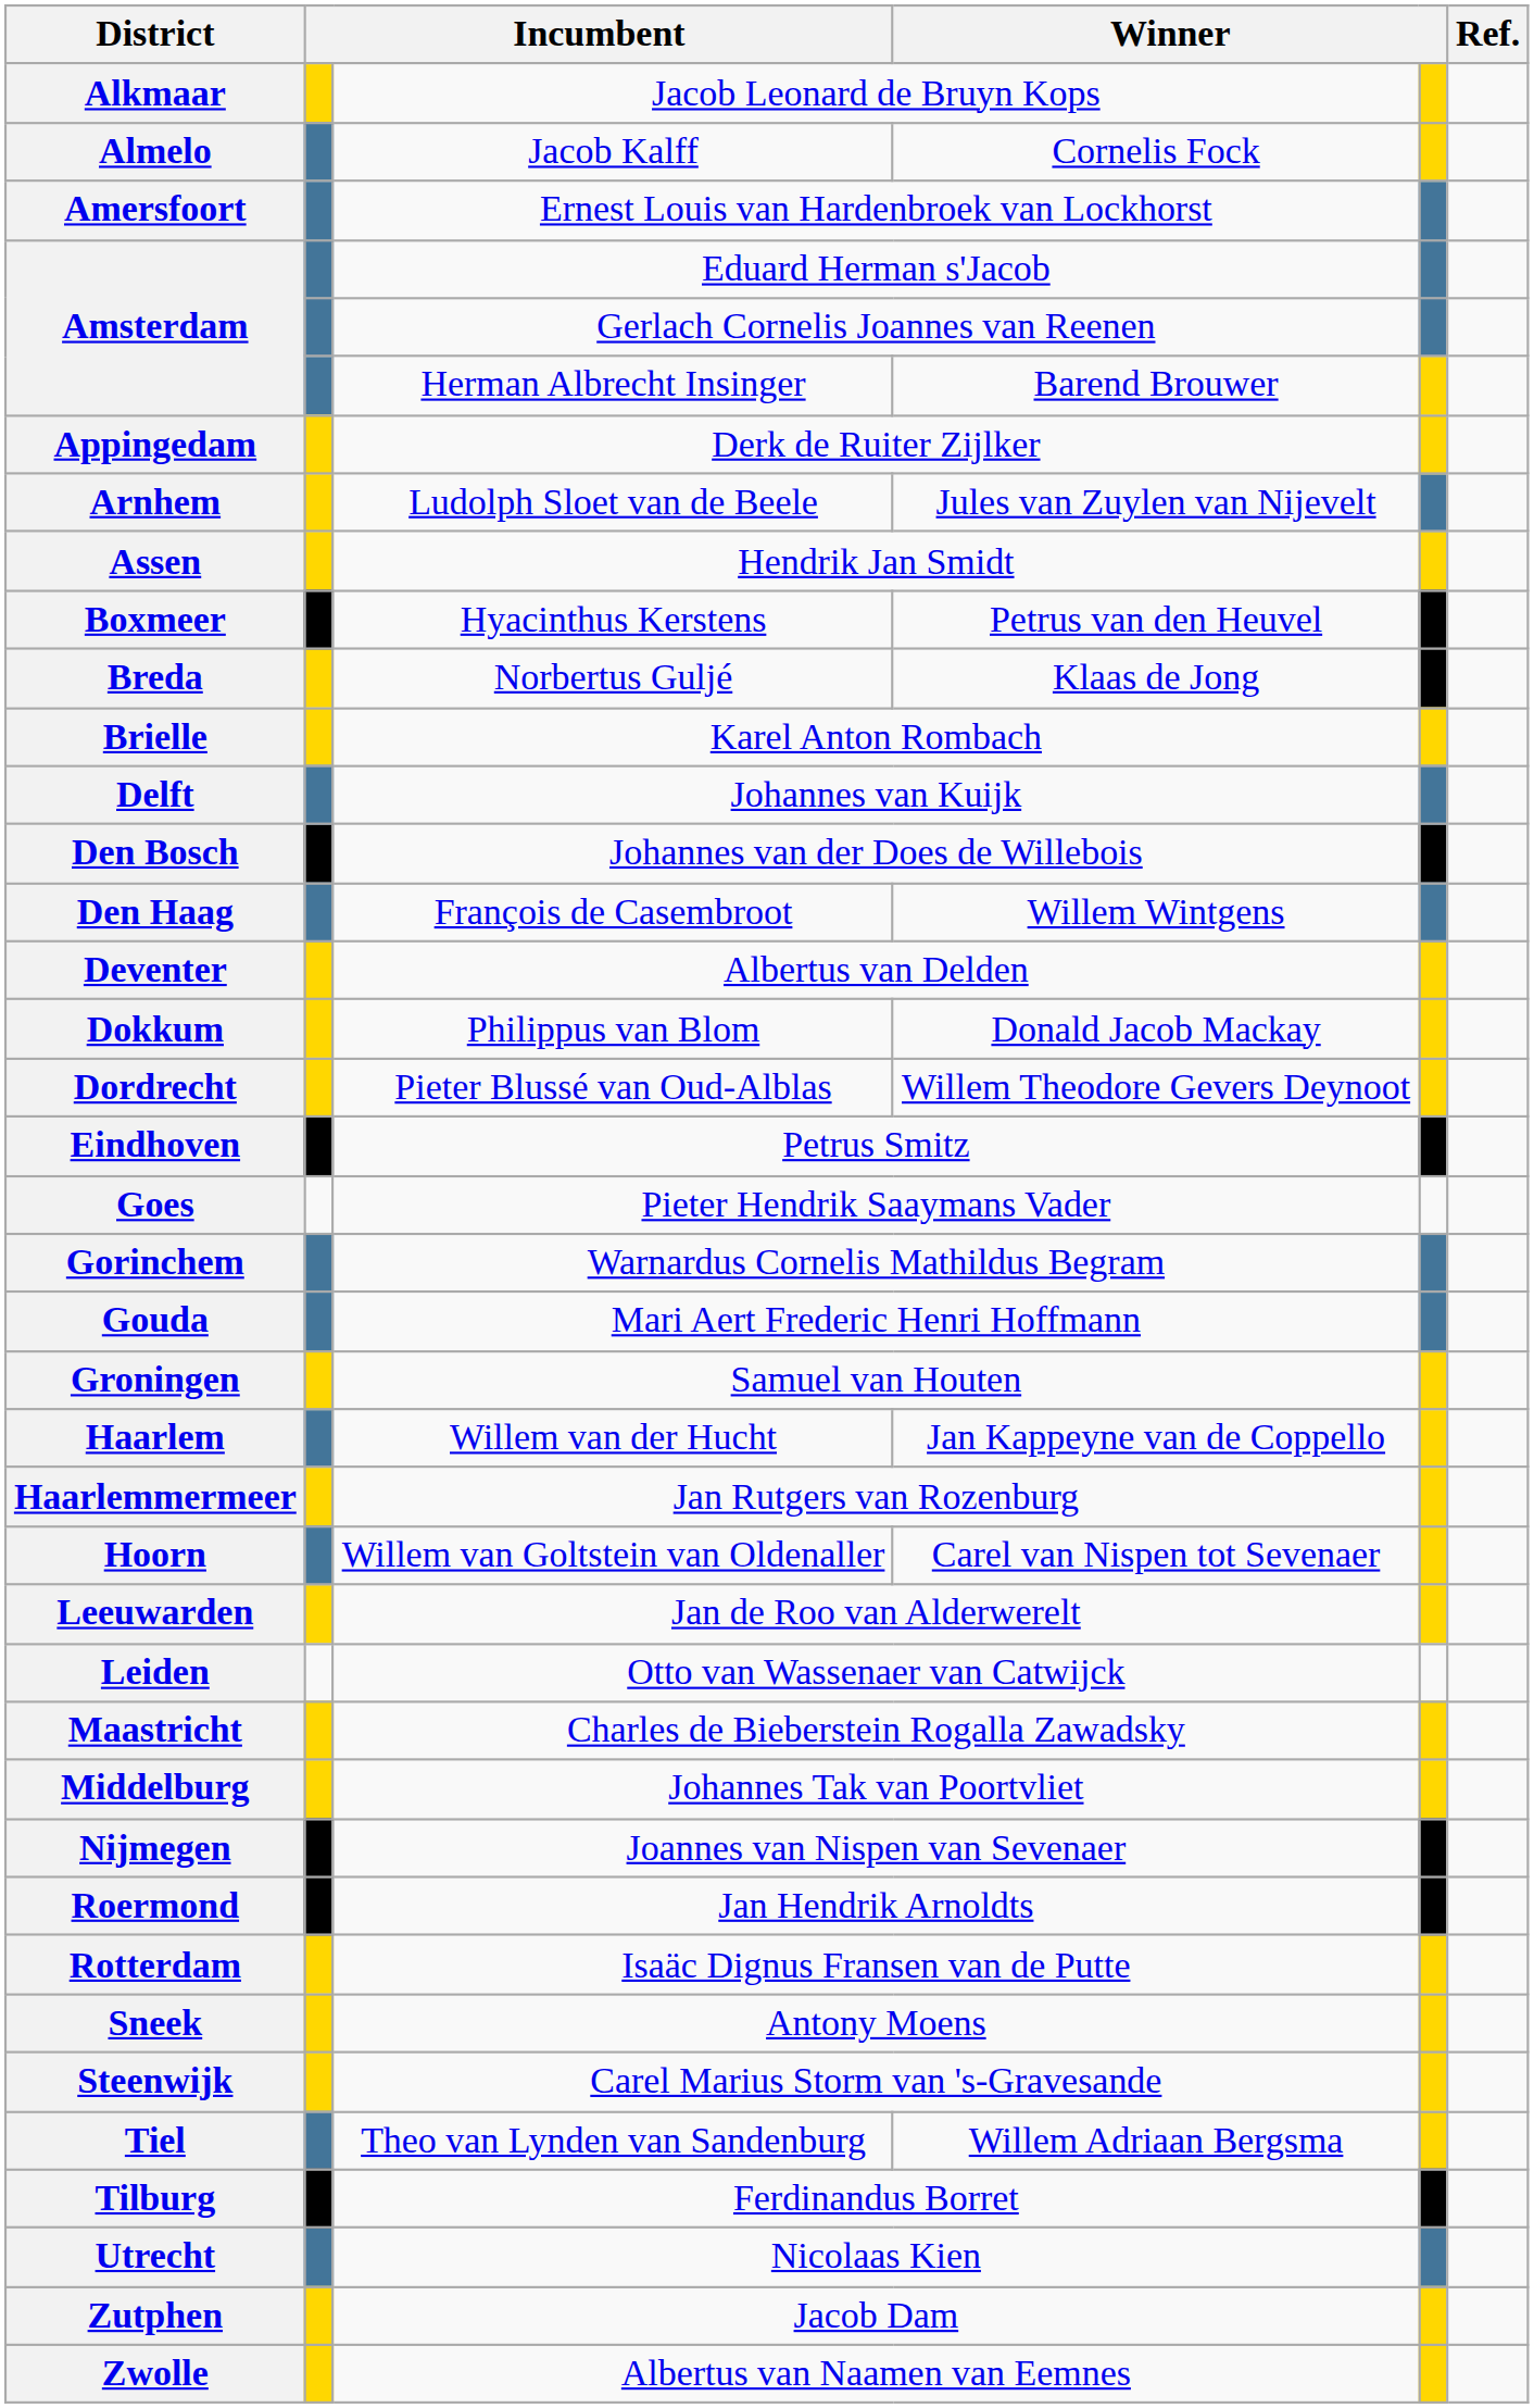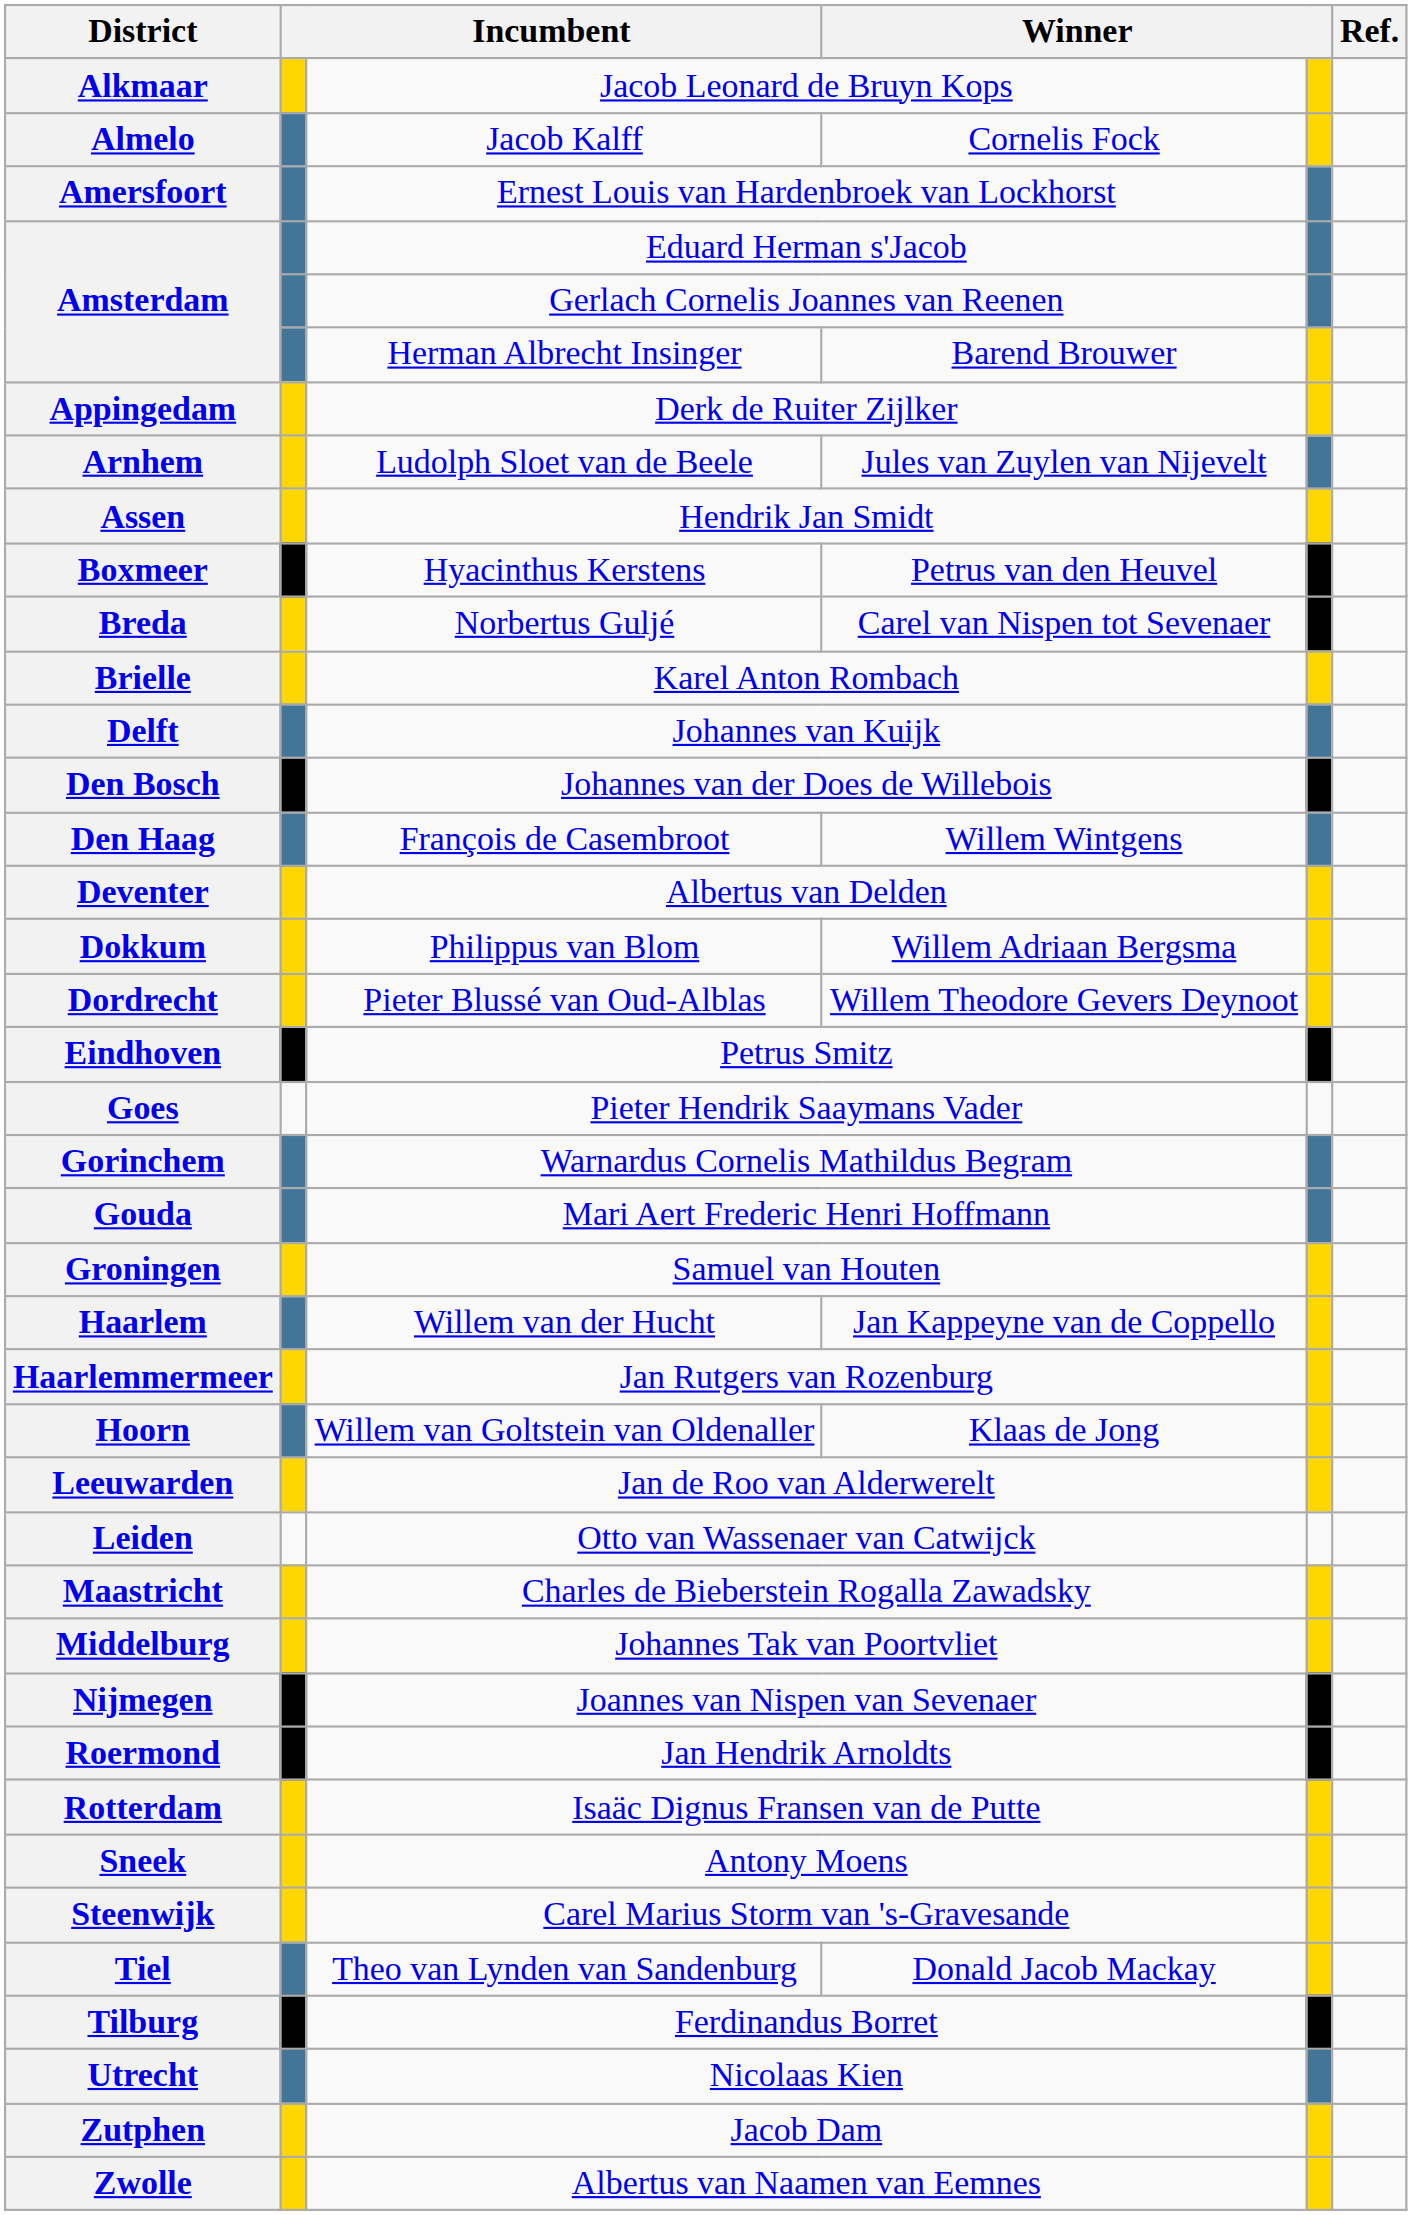 <table class="wikitable" style="text-align:center">
 <tr>
 <th>District</th>
 <th colspan=2>Incumbent</th>
 <th colspan=2>Winner</th>
 <th>Ref.</th>
 </tr>
 <tr>
 <th><a href='#'>Alkmaar</a></th>
 <td style="width:5px; background:gold"></td>
 <td colspan=2><a href='#'>Jacob Leonard de Bruyn Kops</a></td>
 <td style="width:5px; background:gold"></td>
 <td></td>
 </tr>
 <tr>
 <th><a href='#'>Almelo</a></th>
 <td style="width:5px; background:#437599"></td>
 <td><a href='#'>Jacob Kalff</a></td>
 <td><a href='#'>Cornelis Fock</a></td>
 <td style="width:5px; background:gold"></td>
 <td></td>
 </tr>
 <tr>
 <th><a href='#'>Amersfoort</a></th>
 <td style="width:5px; background:#437599"></td>
 <td colspan=2><a href='#'>Ernest Louis van Hardenbroek van Lockhorst</a></td>
 <td style="width:5px; background:#437599"></td>
 <td></td>
 </tr>
 <tr>
 <th rowspan=3><a href='#'>Amsterdam</a></th>
 <td style="width:5px; background:#437599"></td>
 <td colspan=2><a href='#'>Eduard Herman s'Jacob</a></td>
 <td style="width:5px; background:#437599"></td>
 <td></td>
 </tr>
 <tr>
 <td style="width:5px; background:#437599"></td>
 <td colspan=2><a href='#'>Gerlach Cornelis Joannes van Reenen</a></td>
 <td style="width:5px; background:#437599"></td>
 <td></td>
 </tr>
 <tr>
 <td style="width:5px; background:#437599"></td>
 <td><a href='#'>Herman Albrecht Insinger</a></td>
 <td><a href='#'>Barend Brouwer</a></td>
 <td style="width:5px; background:gold"></td>
 <td></td>
 </tr>
 <tr>
 <th><a href='#'>Appingedam</a></th>
 <td style="width:5px; background:gold"></td>
 <td colspan=2><a href='#'>Derk de Ruiter Zijlker</a></td>
 <td style="width:5px; background:gold"></td>
 <td></td>
 </tr>
 <tr>
 <th><a href='#'>Arnhem</a></th>
 <td style="width:5px; background:gold"></td>
 <td><a href='#'>Ludolph Sloet van de Beele</a></td>
 <td><a href='#'>Jules van Zuylen van Nijevelt</a></td>
 <td style="width:5px; background:#437599"></td>
 <td></td>
 </tr>
 <tr>
 <th><a href='#'>Assen</a></th>
 <td style="width:5px; background:gold"></td>
 <td colspan=2><a href='#'>Hendrik Jan Smidt</a></td>
 <td style="width:5px; background:gold"></td>
 <td></td>
 </tr>
 <tr>
 <th><a href='#'>Boxmeer</a></th>
 <td style="width:5px; background:black"></td>
 <td><a href='#'>Hyacinthus Kerstens</a></td>
 <td><a href='#'>Petrus van den Heuvel</a></td>
 <td style="width:5px; background:black"></td>
 <td></td>
 </tr>
 <tr>
 <th><a href='#'>Breda</a></th>
 <td style="width:5px; background:gold"></td>
 <td><a href='#'>Norbertus Guljé</a></td>
-<td><a href='#'>Klaas de Jong</a></td>
+<td><a href='#'>Carel van Nispen tot Sevenaer</a></td>
 <td style="width:5px; background:black"></td>
 <td></td>
 </tr>
 <tr>
 <th><a href='#'>Brielle</a></th>
 <td style="width:5px; background:gold"></td>
 <td colspan=2><a href='#'>Karel Anton Rombach</a></td>
 <td style="width:5px; background:gold"></td>
 <td></td>
 </tr>
 <tr>
 <th><a href='#'>Delft</a></th>
 <td style="width:5px; background:#437599"></td>
 <td colspan=2><a href='#'>Johannes van Kuijk</a></td>
 <td style="width:5px; background:#437599"></td>
 <td></td>
 </tr>
 <tr>
 <th><a href='#'>Den Bosch</a></th>
 <td style="width:5px; background:black"></td>
 <td colspan=2><a href='#'>Johannes van der Does de Willebois</a></td>
 <td style="width:5px; background:black"></td>
 <td></td>
 </tr>
 <tr>
 <th><a href='#'>Den Haag</a></th>
 <td style="width:5px; background:#437599"></td>
 <td><a href='#'>François de Casembroot</a></td>
 <td><a href='#'>Willem Wintgens</a></td>
 <td style="width:5px; background:#437599"></td>
 <td></td>
 </tr>
 <tr>
 <th><a href='#'>Deventer</a></th>
 <td style="width:5px; background:gold"></td>
 <td colspan=2><a href='#'>Albertus van Delden</a></td>
 <td style="width:5px; background:gold"></td>
 <td></td>
 </tr>
 <tr>
 <th><a href='#'>Dokkum</a></th>
 <td style="width:5px; background:gold"></td>
 <td><a href='#'>Philippus van Blom</a></td>
-<td><a href='#'>Donald Jacob Mackay</a></td>
+<td><a href='#'>Willem Adriaan Bergsma</a></td>
 <td style="width:5px; background:gold"></td>
 <td></td>
 </tr>
 <tr>
 <th><a href='#'>Dordrecht</a></th>
 <td style="width:5px; background:gold"></td>
 <td><a href='#'>Pieter Blussé van Oud-Alblas</a></td>
 <td><a href='#'>Willem Theodore Gevers Deynoot</a></td>
 <td style="width:5px; background:gold"></td>
 <td></td>
 </tr>
 <tr>
 <th><a href='#'>Eindhoven</a></th>
 <td style="width:5px; background:black"></td>
 <td colspan=2><a href='#'>Petrus Smitz</a></td>
 <td style="width:5px; background:black"></td>
 <td></td>
 </tr>
 <tr>
 <th><a href='#'>Goes</a></th>
 <td style="width:5px; background:"></td>
 <td colspan=2><a href='#'>Pieter Hendrik Saaymans Vader</a></td>
 <td style="width:5px; background:"></td>
 <td></td>
 </tr>
 <tr>
 <th><a href='#'>Gorinchem</a></th>
 <td style="width:5px; background:#437599"></td>
 <td colspan=2><a href='#'>Warnardus Cornelis Mathildus Begram</a></td>
 <td style="width:5px; background:#437599"></td>
 <td></td>
 </tr>
 <tr>
 <th><a href='#'>Gouda</a></th>
 <td style="width:5px; background:#437599"></td>
 <td colspan=2><a href='#'>Mari Aert Frederic Henri Hoffmann</a></td>
 <td style="width:5px; background:#437599"></td>
 <td></td>
 </tr>
 <tr>
 <th><a href='#'>Groningen</a></th>
 <td style="width:5px; background:gold"></td>
 <td colspan=2><a href='#'>Samuel van Houten</a></td>
 <td style="width:5px; background:gold"></td>
 <td></td>
 </tr>
 <tr>
 <th><a href='#'>Haarlem</a></th>
 <td style="width:5px; background:#437599"></td>
 <td><a href='#'>Willem van der Hucht</a></td>
 <td><a href='#'>Jan Kappeyne van de Coppello</a></td>
 <td style="width:5px; background:gold"></td>
 <td></td>
 </tr>
 <tr>
 <th><a href='#'>Haarlemmermeer</a></th>
 <td style="width:5px; background:gold"></td>
 <td colspan=2><a href='#'>Jan Rutgers van Rozenburg</a></td>
 <td style="width:5px; background:gold"></td>
 <td></td>
 </tr>
 <tr>
 <th><a href='#'>Hoorn</a></th>
 <td style="width:5px; background:#437599"></td>
 <td><a href='#'>Willem van Goltstein van Oldenaller</a></td>
-<td><a href='#'>Carel van Nispen tot Sevenaer</a></td>
+<td><a href='#'>Klaas de Jong</a></td>
 <td style="width:5px; background:gold"></td>
 <td></td>
 </tr>
 <tr>
 <th><a href='#'>Leeuwarden</a></th>
 <td style="width:5px; background:gold"></td>
 <td colspan=2><a href='#'>Jan de Roo van Alderwerelt</a></td>
 <td style="width:5px; background:gold"></td>
 <td></td>
 </tr>
 <tr>
 <th><a href='#'>Leiden</a></th>
 <td style="width:5px; background:"></td>
 <td colspan=2><a href='#'>Otto van Wassenaer van Catwijck</a></td>
 <td style="width:5px; background:"></td>
 <td></td>
 </tr>
 <tr>
 <th><a href='#'>Maastricht</a></th>
 <td style="width:5px; background:gold"></td>
 <td colspan=2><a href='#'>Charles de Bieberstein Rogalla Zawadsky</a></td>
 <td style="width:5px; background:gold"></td>
 <td></td>
 </tr>
 <tr>
 <th><a href='#'>Middelburg</a></th>
 <td style="width:5px; background:gold"></td>
 <td colspan=2><a href='#'>Johannes Tak van Poortvliet</a></td>
 <td style="width:5px; background:gold"></td>
 <td></td>
 </tr>
 <tr>
 <th><a href='#'>Nijmegen</a></th>
 <td style="width:5px; background:black"></td>
 <td colspan=2><a href='#'>Joannes van Nispen van Sevenaer</a></td>
 <td style="width:5px; background:black"></td>
 <td></td>
 </tr>
 <tr>
 <th><a href='#'>Roermond</a></th>
 <td style="width:5px; background:black"></td>
 <td colspan=2><a href='#'>Jan Hendrik Arnoldts</a></td>
 <td style="width:5px; background:black"></td>
 <td></td>
 </tr>
 <tr>
 <th><a href='#'>Rotterdam</a></th>
 <td style="width:5px; background:gold"></td>
 <td colspan=2><a href='#'>Isaäc Dignus Fransen van de Putte</a></td>
 <td style="width:5px; background:gold"></td>
 <td></td>
 </tr>
 <tr>
 <th><a href='#'>Sneek</a></th>
 <td style="width:5px; background:gold"></td>
 <td colspan=2><a href='#'>Antony Moens</a></td>
 <td style="width:5px; background:gold"></td>
 <td></td>
 </tr>
 <tr>
 <th><a href='#'>Steenwijk</a></th>
 <td style="width:5px; background:gold"></td>
 <td colspan=2><a href='#'>Carel Marius Storm van 's-Gravesande</a></td>
 <td style="width:5px; background:gold"></td>
 <td></td>
 </tr>
 <tr>
 <th><a href='#'>Tiel</a></th>
 <td style="width:5px; background:#437599"></td>
 <td><a href='#'>Theo van Lynden van Sandenburg</a></td>
-<td><a href='#'>Willem Adriaan Bergsma</a></td>
+<td><a href='#'>Donald Jacob Mackay</a></td>
 <td style="width:5px; background:gold"></td>
 <td></td>
 </tr>
 <tr>
 <th><a href='#'>Tilburg</a></th>
 <td style="width:5px; background:black"></td>
 <td colspan=2><a href='#'>Ferdinandus Borret</a></td>
 <td style="width:5px; background:black"></td>
 <td></td>
 </tr>
 <tr>
 <th><a href='#'>Utrecht</a></th>
 <td style="width:5px; background:#437599"></td>
 <td colspan=2><a href='#'>Nicolaas Kien</a></td>
 <td style="width:5px; background:#437599"></td>
 <td></td>
 </tr>
 <tr>
 <th><a href='#'>Zutphen</a></th>
 <td style="width:5px; background:gold"></td>
 <td colspan=2><a href='#'>Jacob Dam</a></td>
 <td style="width:5px; background:gold"></td>
 <td></td>
 </tr>
 <tr>
 <th><a href='#'>Zwolle</a></th>
 <td style="width:5px; background:gold"></td>
 <td colspan=2><a href='#'>Albertus van Naamen van Eemnes</a></td>
 <td style="width:5px; background:gold"></td>
 <td></td>
 </tr>
 </table>
